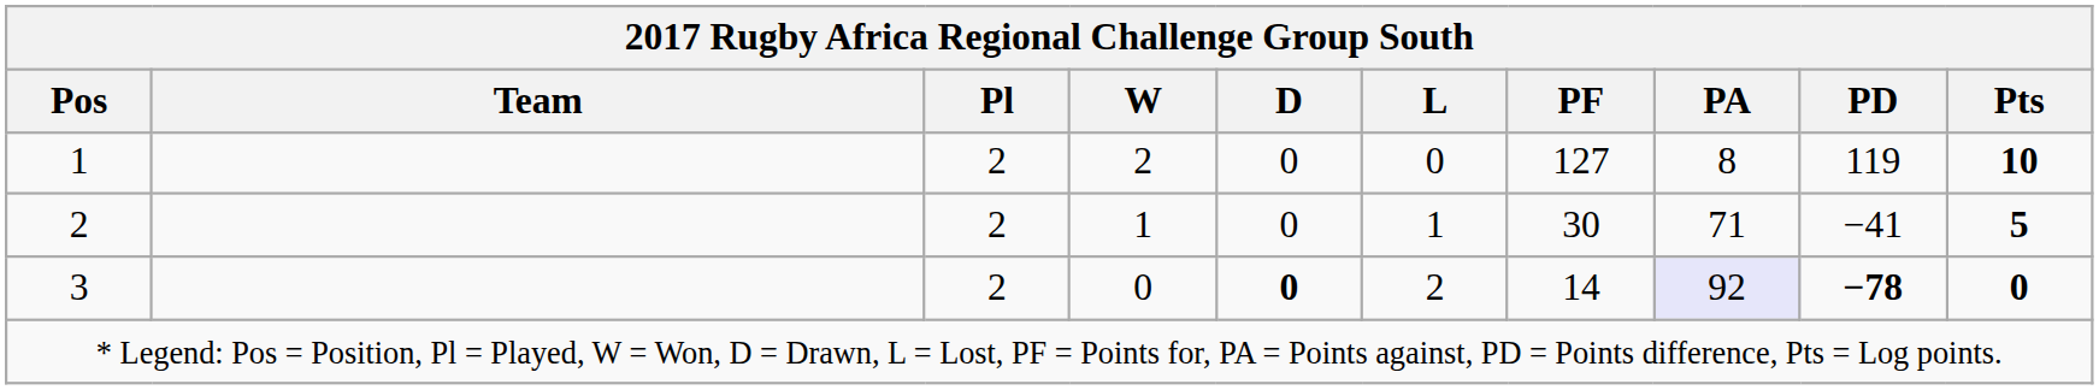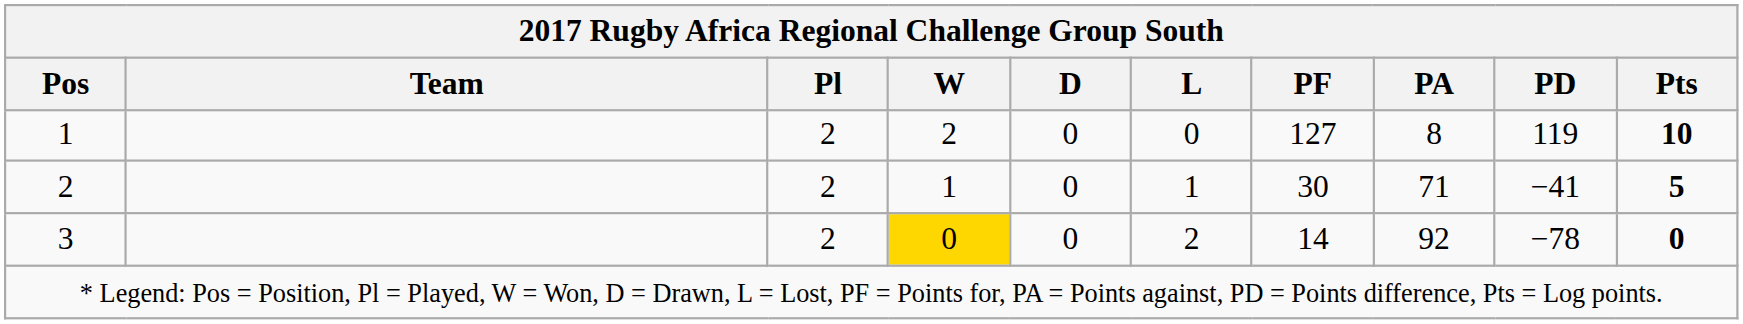 <table class="wikitable" style="text-align:center; font-size:90%; width:50%;">
 <tr>
 <th colspan="100%" cellpadding="0" cellspacing="0"><strong>2017 Rugby Africa Regional Challenge Group South</strong></th>
 </tr>
 <tr>
 <th style="width:7%;">Pos</th>
 <th style="width:37%;">Team</th>
 <th style="width:7%;">Pl</th>
 <th style="width:7%;">W</th>
 <th style="width:7%;">D</th>
 <th style="width:7%;">L</th>
 <th style="width:7%;">PF</th>
 <th style="width:7%;">PA</th>
 <th style="width:7%;">PD</th>
 <th style="width:7%;">Pts<br></th>
 </tr>
 <tr>
 <td>1</td>
 <td align=left></td>
 <td>2</td>
 <td>2</td>
 <td>0</td>
 <td>0</td>
 <td>127</td>
 <td>8</td>
 <td>119</td>
 <td><strong>10</strong></td>
 </tr>
 <tr>
 <td>2</td>
 <td align=left></td>
 <td>2</td>
 <td>1</td>
 <td>0</td>
 <td>1</td>
 <td>30</td>
 <td>71</td>
 <td>−41</td>
 <td><strong>5</strong></td>
 </tr>
 <tr>
 <td>3</td>
 <td align=left></td>
 <td>2</td>
+<td style="background: gold;">0</td>
 <td>0</td>
-<td><strong>0</strong></td>
 <td>2</td>
 <td>14</td>
-<td style="background: lavender;">92</td>
-<td><strong>−78</strong></td>
+<td>92</td>
+<td>−78</td>
 <td><strong>0</strong></td>
 </tr>
 <tr>
 <td colspan="100%" style="border:0px"><small>* Legend: Pos = Position, Pl = Played, W = Won, D = Drawn, L = Lost, PF = Points for, PA = Points against, PD = Points difference, Pts = Log points.</small></td>
 </tr>
 </table>
